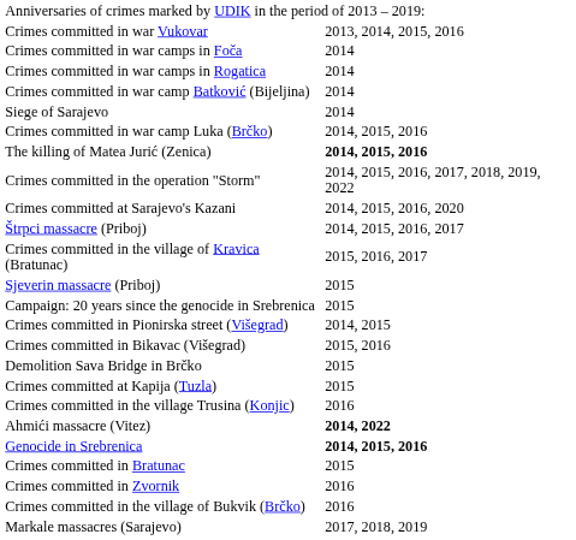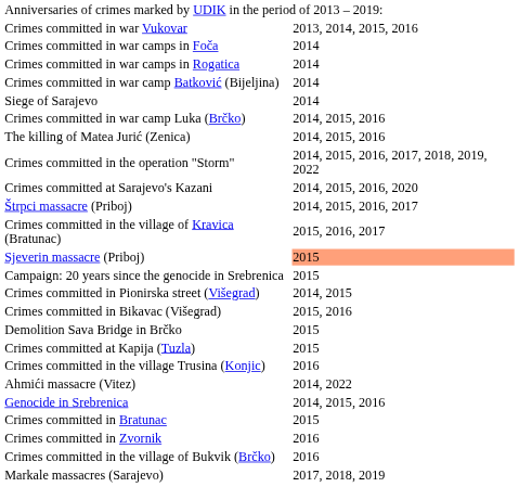 <table>
 <tr>
 <td colspan=10>Anniversaries of crimes marked by <a href='#'>UDIK</a> in the period of 2013 – 2019:</td>
 </tr>
 <tr>
 <td>Crimes committed in war <a href='#'>Vukovar</a></td>
 <td>2013, 2014, 2015, 2016</td>
 </tr>
 <tr>
 <td>Crimes committed in war camps in <a href='#'>Foča</a></td>
 <td>2014</td>
 </tr>
 <tr>
 <td>Crimes committed in war camps in <a href='#'>Rogatica</a></td>
 <td>2014</td>
 </tr>
 <tr>
 <td>Crimes committed in war camp <a href='#'>Batković</a> (Bijeljina)</td>
 <td>2014</td>
 </tr>
 <tr>
 <td>Siege of Sarajevo</td>
 <td>2014</td>
 </tr>
 <tr>
 <td>Crimes committed in war camp Luka (<a href='#'>Brčko</a>)</td>
 <td>2014, 2015, 2016</td>
 </tr>
 <tr>
 <td>The killing of Matea Jurić (Zenica)</td>
-<td><strong>2014, 2015, 2016</strong></td>
+<td>2014, 2015, 2016</td>
 </tr>
 <tr>
 <td>Crimes committed in the operation "Storm"</td>
 <td>2014, 2015, 2016, 2017, 2018, 2019, 2022</td>
 </tr>
 <tr>
 <td>Crimes committed at Sarajevo's Kazani</td>
 <td>2014, 2015, 2016, 2020</td>
 </tr>
 <tr>
 <td><a href='#'>Štrpci massacre</a> (Priboj)</td>
 <td>2014, 2015, 2016, 2017</td>
 </tr>
 <tr>
 <td>Crimes committed in the village of <a href='#'>Kravica</a> (Bratunac)</td>
 <td>2015, 2016, 2017</td>
 </tr>
 <tr>
 <td><a href='#'>Sjeverin massacre</a> (Priboj)</td>
-<td>2015</td>
+<td style="background: lightsalmon;">2015</td>
 </tr>
 <tr>
 <td>Campaign: 20 years since the genocide in Srebrenica </td>
 <td>2015</td>
 </tr>
 <tr>
 <td>Crimes committed in Pionirska street (<a href='#'>Višegrad</a>)</td>
 <td>2014, 2015</td>
 </tr>
 <tr>
 <td>Crimes committed in Bikavac (Višegrad)</td>
 <td>2015, 2016</td>
 </tr>
 <tr>
 <td>Demolition Sava Bridge in Brčko</td>
 <td>2015</td>
 </tr>
 <tr>
 <td>Crimes committed at Kapija (<a href='#'>Tuzla</a>)</td>
 <td>2015</td>
 </tr>
 <tr>
 <td>Crimes committed in the village Trusina (<a href='#'>Konjic</a>)</td>
 <td>2016</td>
 </tr>
 <tr>
 <td>Ahmići massacre (Vitez)</td>
-<td><strong>2014, 2022</strong></td>
+<td>2014, 2022</td>
 </tr>
 <tr>
 <td><a href='#'>Genocide in Srebrenica</a></td>
-<td><strong>2014, 2015, 2016</strong></td>
+<td>2014, 2015, 2016</td>
 </tr>
 <tr>
 <td>Crimes committed in <a href='#'>Bratunac</a></td>
 <td>2015</td>
 </tr>
 <tr>
 <td>Crimes committed in <a href='#'>Zvornik</a></td>
 <td>2016</td>
 </tr>
 <tr>
 <td>Crimes committed in the village of Bukvik (<a href='#'>Brčko</a>)</td>
 <td>2016</td>
 </tr>
 <tr>
 <td>Markale massacres (Sarajevo)</td>
 <td>2017, 2018, 2019</td>
 </tr>
 <tr>
 </tr>
 </table>
